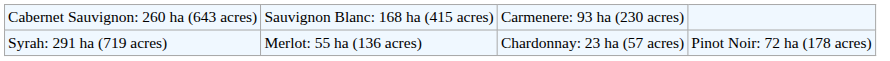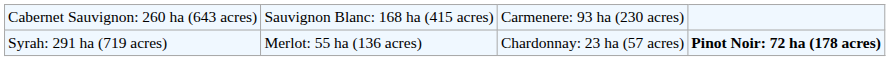 <table class="wikitable" style="background:#F0F8FF; font-size:95%;">
 <tr>
 <td>Cabernet Sauvignon: 260 ha (643 acres)</td>
 <td>Sauvignon Blanc: 168 ha (415 acres)</td>
 <td>Carmenere: 93 ha (230 acres)</td>
 <td></td>
 </tr>
 <tr>
 <td>Syrah: 291 ha (719 acres)</td>
 <td>Merlot: 55 ha (136 acres)</td>
 <td>Chardonnay: 23 ha (57 acres)</td>
-<td>Pinot Noir: 72 ha (178 acres)</td>
+<td><strong>Pinot Noir: 72 ha (178 acres)</strong></td>
 </tr>
 <tr>
 </tr>
 </table>
